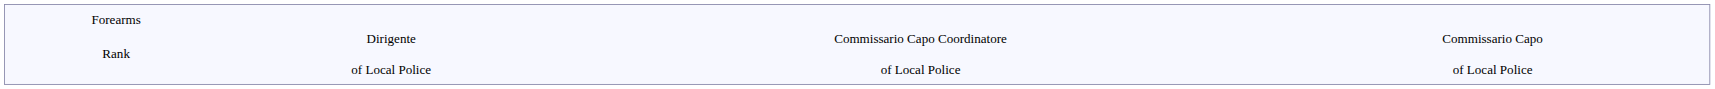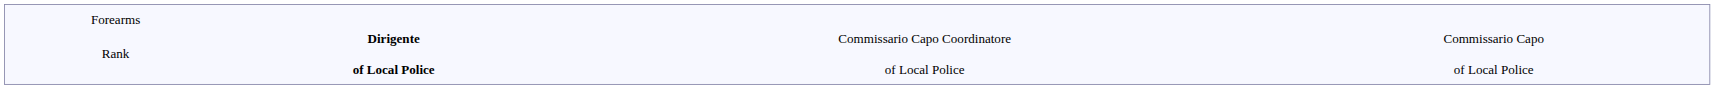 <table style="border:1px solid #8888aa; background-color:#f7f8ff; padding:5px; font-size:95%; margin: 0px 12px 12px 0px;" width="100%">
 <tr align="center">
 <td>Forearms</td>
 <td></td>
 <td></td>
 <td></td>
 </tr>
 <tr align="center">
 <td>Rank</td>
-<td>Dirigente<br><br>of Local Police</td>
+<td><strong>Dirigente<br><br>of Local Police</strong></td>
 <td>Commissario Capo Coordinatore<br><br>of Local Police</td>
 <td>Commissario Capo<br><br>of Local Police</td>
 </tr>
 </table>
